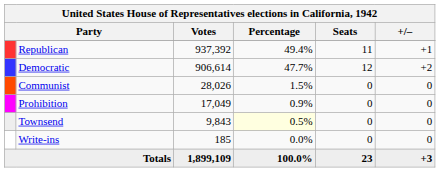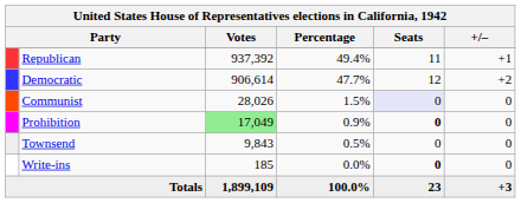 <table class="wikitable" style="font-size: 95%;">
 <tr>
 <th colspan="6">United States House of Representatives elections in California, 1942</th>
 </tr>
 <tr>
 <th colspan=2 style="width: 15em">Party</th>
 <th style="width: 5em">Votes</th>
 <th style="width: 7em">Percentage</th>
 <th style="width: 5em">Seats</th>
 <th style="width: 5em">+/–</th>
 </tr>
 <tr>
 </tr>
 <tr>
 <th style="background-color:#FF3333; width: 3px"></th>
 <td style="width: 130px"><a href='#'>Republican</a></td>
 <td style="text-align:right;">937,392</td>
 <td style="text-align:right;">49.4%</td>
 <td style="text-align:right;">11</td>
 <td style="text-align:right;">+1</td>
 </tr>
 <tr>
 <th style="background-color:#3333FF; width: 3px"></th>
 <td style="width: 130px"><a href='#'>Democratic</a></td>
 <td style="text-align:right;">906,614</td>
 <td style="text-align:right;">47.7%</td>
 <td style="text-align:right;">12</td>
 <td style="text-align:right;">+2</td>
 </tr>
 <tr>
 <th style="background-color:#FF4900; width: 3px"></th>
 <td style="width: 130px"><a href='#'>Communist</a></td>
 <td style="text-align:right;">28,026</td>
 <td style="text-align:right;">1.5%</td>
-<td style="text-align:right;">0</td>
+<td style="background: lavender; text-align:right;">0</td>
 <td style="text-align:right;">0</td>
 </tr>
 <tr>
 <th style="background-color:#FF00FF; width: 3px"></th>
 <td style="width: 130px"><a href='#'>Prohibition</a></td>
-<td style="text-align:right;">17,049</td>
+<td style="background: lightgreen; text-align:right;">17,049</td>
 <td style="text-align:right;">0.9%</td>
-<td style="text-align:right;">0</td>
+<td style="text-align:right;"><strong>0</strong></td>
 <td style="text-align:right;">0</td>
 </tr>
 <tr>
 <th style="background-color:#EEEEEE; width: 3px"></th>
 <td style="width: 130px"><a href='#'>Townsend</a></td>
 <td style="text-align:right;">9,843</td>
-<td style="background: lightyellow; text-align:right;">0.5%</td>
+<td style="text-align:right;">0.5%</td>
 <td style="text-align:right;">0</td>
 <td style="text-align:right;">0</td>
 </tr>
 <tr>
 <th style="background-color:#FFFFFF; width: 3px"></th>
 <td style="width: 130px"><a href='#'>Write-ins</a></td>
 <td style="text-align:right;">185</td>
 <td style="text-align:right;">0.0%</td>
-<td style="text-align:right;">0</td>
+<td style="text-align:right;"><strong>0</strong></td>
 <td style="text-align:right;">0</td>
 </tr>
 <tr style="background-color:#EEEEEE;">
 <td colspan="2" align="right"><strong>Totals</strong></td>
 <td style="text-align:right;"><strong>1,899,109</strong></td>
 <td style="text-align:right;"><strong>100.0%</strong></td>
 <td style="text-align:right;"><strong>23</strong></td>
 <td style="text-align:right;"><strong>+3</strong></td>
 </tr>
 </table>
